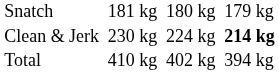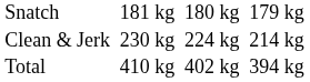 <table>
 <tr>
 <td>Snatch</td>
 <td></td>
 <td>181 kg</td>
 <td></td>
 <td>180 kg</td>
 <td></td>
 <td>179 kg</td>
 </tr>
 <tr>
 <td>Clean & Jerk</td>
 <td></td>
 <td>230 kg</td>
 <td></td>
 <td>224 kg</td>
 <td></td>
-<td><strong>214 kg</strong></td>
+<td>214 kg</td>
 </tr>
 <tr>
 <td>Total</td>
 <td></td>
 <td>410 kg</td>
 <td></td>
 <td>402 kg</td>
 <td></td>
 <td>394 kg</td>
 </tr>
 </table>
